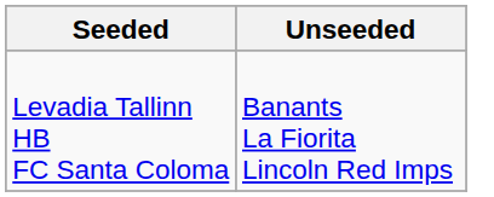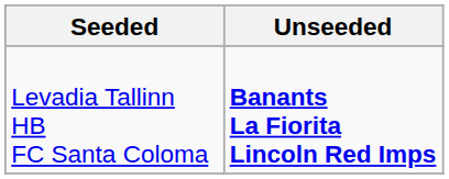 <table class="wikitable" style="font-size:80%">
 <tr>
 <th width=50%>Seeded</th>
 <th width=50%>Unseeded</th>
 </tr>
 <tr>
 <td valign=top><br> <a href='#'>Levadia Tallinn</a><br>  <a href='#'>HB</a><br>  <a href='#'>FC Santa Coloma</a></td>
-<td valign=top><br> <a href='#'>Banants</a><br>  <a href='#'>La Fiorita</a><br>  <a href='#'>Lincoln Red Imps</a></td>
+<td valign=top><strong><br> <a href='#'>Banants</a><br>  <a href='#'>La Fiorita</a><br>  <a href='#'>Lincoln Red Imps</a></strong></td>
 </tr>
 </table>
